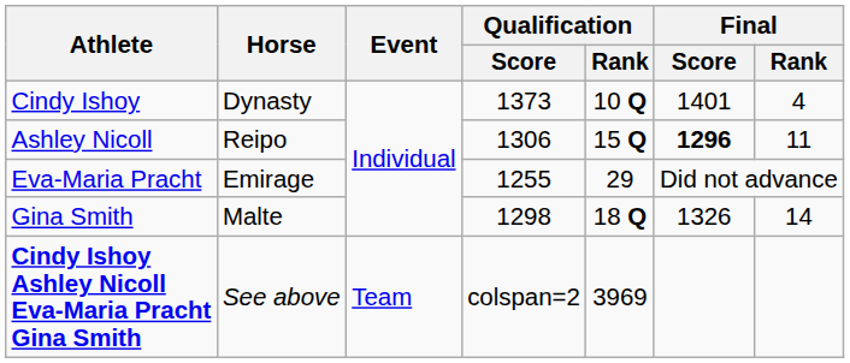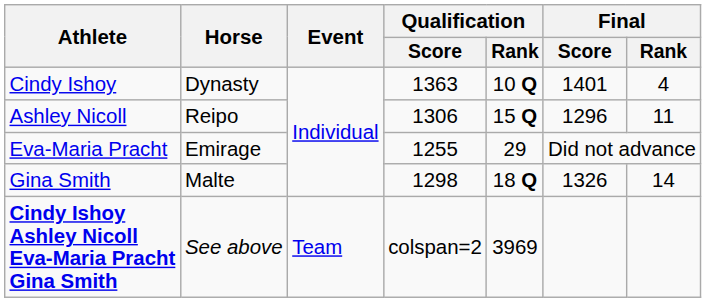 <table class=wikitable style="font-size:90%">
 <tr>
 <th rowspan="2">Athlete</th>
 <th rowspan="2">Horse</th>
 <th rowspan="2">Event</th>
 <th colspan="2">Qualification</th>
 <th colspan="2">Final</th>
 </tr>
 <tr style="font-size:95%">
 <th>Score</th>
 <th>Rank</th>
 <th>Score</th>
 <th>Rank</th>
 </tr>
 <tr align=center>
 <td align=left><a href='#'>Cindy Ishoy</a></td>
 <td align=left>Dynasty</td>
 <td align=left rowspan=4><a href='#'>Individual</a></td>
-<td>1373</td>
+<td>1363</td>
 <td>10 <strong>Q</strong></td>
 <td>1401</td>
 <td>4</td>
 </tr>
 <tr align=center>
 <td align=left><a href='#'>Ashley Nicoll</a></td>
 <td align=left>Reipo</td>
 <td>1306</td>
 <td>15 <strong>Q</strong></td>
-<td><strong>1296</strong></td>
+<td>1296</td>
 <td>11</td>
 </tr>
 <tr align=center>
 <td align=left><a href='#'>Eva-Maria Pracht</a></td>
 <td align=left>Emirage</td>
 <td>1255</td>
 <td>29</td>
 <td colspan=2>Did not advance</td>
 </tr>
 <tr align=center>
 <td align=left><a href='#'>Gina Smith</a></td>
 <td align=left>Malte</td>
 <td>1298</td>
 <td>18 <strong>Q</strong></td>
 <td>1326</td>
 <td>14</td>
 </tr>
 <tr align=center>
 <td align=left><strong><a href='#'>Cindy Ishoy</a><br><a href='#'>Ashley Nicoll</a><br><a href='#'>Eva-Maria Pracht</a><br><a href='#'>Gina Smith</a></strong></td>
 <td align=left><em>See above</em></td>
 <td align=left><a href='#'>Team</a></td>
 <td>colspan=2</td>
 <td>3969</td>
 <td></td>
 </tr>
 </table>
